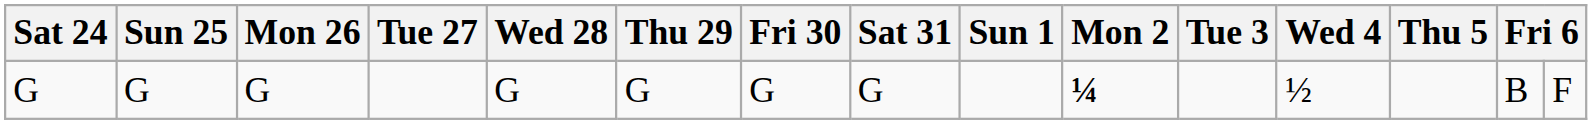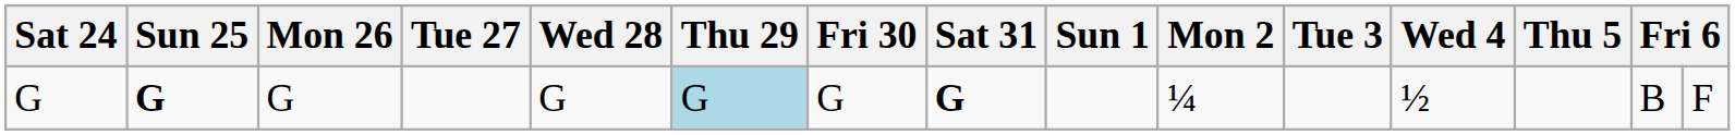 <table class="wikitable olympic-schedule field-hockey">
 <tr>
 <th>Sat 24</th>
 <th>Sun 25</th>
 <th>Mon 26</th>
 <th>Tue 27</th>
 <th>Wed 28</th>
 <th>Thu 29</th>
 <th>Fri 30</th>
 <th>Sat 31</th>
 <th>Sun 1</th>
 <th>Mon 2</th>
 <th>Tue 3</th>
 <th>Wed 4</th>
 <th colspan="2">Thu 5</th>
 <th colspan="2">Fri 6</th>
 </tr>
 <tr>
 <td class="team-group">G</td>
-<td class="team-group">G</td>
+<td class="team-group"><strong>G</strong></td>
 <td class="team-group">G</td>
 <td></td>
 <td class="team-group">G</td>
+<td class="team-group" style="background: lightblue;">G</td>
 <td class="team-group">G</td>
-<td class="team-group">G</td>
-<td class="team-group">G</td>
+<td class="team-group"><strong>G</strong></td>
 <td></td>
-<td class="team-qf"><strong>¼</strong></td>
+<td class="team-qf">¼</td>
 <td></td>
 <td class="team-sf">½</td>
 <td colspan="2"></td>
 <td class="team-bronze">B</td>
 <td class="team-final">F</td>
 </tr>
 </table>
